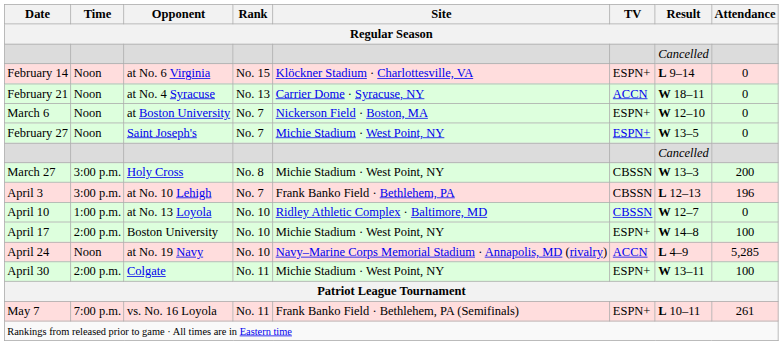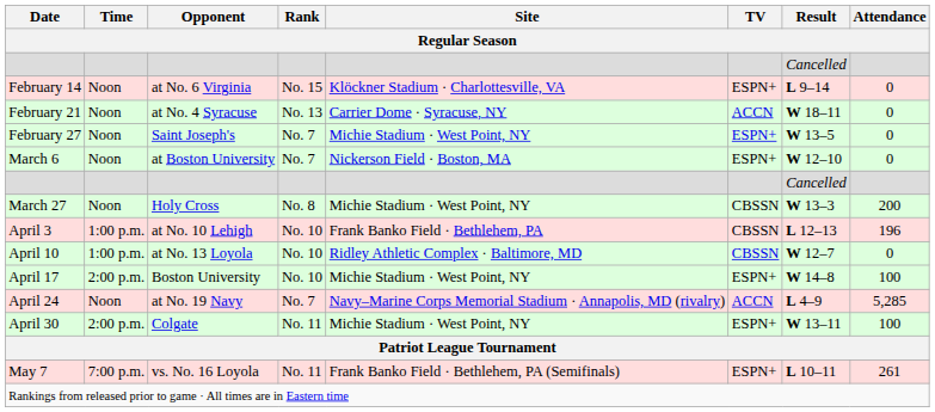 <table class="wikitable">
 <tr>
 <th>Date</th>
 <th>Time</th>
 <th>Opponent</th>
 <th>Rank</th>
 <th>Site</th>
 <th>TV</th>
 <th>Result</th>
 <th>Attendance</th>
 </tr>
 <tr>
 <th colspan=8>Regular Season</th>
 </tr>
 <tr bgcolor=gainsboro>
 <td></td>
 <td></td>
 <td></td>
 <td></td>
 <td></td>
 <td></td>
 <td><em>Cancelled</em></td>
 <td></td>
 </tr>
 <tr bgcolor=FFDDDD>
 <td>February 14</td>
 <td>Noon</td>
 <td>at No. 6 <a href='#'>Virginia</a></td>
 <td>No. 15</td>
 <td><a href='#'>Klöckner Stadium</a> · <a href='#'>Charlottesville, VA</a></td>
 <td>ESPN+</td>
 <td><strong>L</strong> 9–14</td>
 <td align=center>0</td>
 </tr>
 <tr bgcolor=DDFFDD>
 <td>February 21</td>
 <td>Noon</td>
 <td>at No. 4 <a href='#'>Syracuse</a></td>
 <td>No. 13</td>
 <td><a href='#'>Carrier Dome</a> · <a href='#'>Syracuse, NY</a></td>
 <td><a href='#'>ACCN</a></td>
 <td><strong>W</strong> 18–11</td>
 <td align=center>0</td>
 </tr>
 <tr bgcolor=DDFFDD>
+<td>February 27</td>
+<td>Noon</td>
+<td><a href='#'>Saint Joseph's</a></td>
+<td>No. 7</td>
+<td><a href='#'>Michie Stadium</a> · <a href='#'>West Point, NY</a></td>
+<td><a href='#'>ESPN+</a></td>
+<td><strong>W</strong> 13–5</td>
+<td align=center>0</td>
+</tr>
+<tr bgcolor=DDFFDD>
 <td>March 6</td>
 <td>Noon</td>
 <td>at <a href='#'>Boston University</a></td>
 <td>No. 7</td>
 <td><a href='#'>Nickerson Field</a> · <a href='#'>Boston, MA</a></td>
 <td>ESPN+</td>
 <td><strong>W</strong> 12–10</td>
-<td align=center>0</td>
-</tr>
-<tr bgcolor=DDFFDD>
-<td>February 27</td>
-<td>Noon</td>
-<td><a href='#'>Saint Joseph's</a></td>
-<td>No. 7</td>
-<td><a href='#'>Michie Stadium</a> · <a href='#'>West Point, NY</a></td>
-<td><a href='#'>ESPN+</a></td>
-<td><strong>W</strong> 13–5</td>
 <td align=center>0</td>
 </tr>
 <tr bgcolor=gainsboro>
 <td></td>
 <td></td>
 <td></td>
 <td></td>
 <td></td>
 <td></td>
 <td><em>Cancelled</em></td>
 <td></td>
 </tr>
 <tr bgcolor=DDFFDD>
 <td>March 27</td>
-<td>3:00 p.m.</td>
+<td>Noon</td>
 <td><a href='#'>Holy Cross</a></td>
 <td>No. 8</td>
 <td>Michie Stadium · West Point, NY</td>
 <td>CBSSN</td>
 <td><strong>W</strong> 13–3</td>
 <td align=center>200</td>
 </tr>
 <tr bgcolor=FFDDDD>
 <td>April 3</td>
-<td>3:00 p.m.</td>
+<td>1:00 p.m.</td>
 <td>at No. 10 <a href='#'>Lehigh</a></td>
-<td>No. 7</td>
+<td>No. 10</td>
 <td>Frank Banko Field · <a href='#'>Bethlehem, PA</a></td>
 <td>CBSSN</td>
 <td><strong>L</strong> 12–13</td>
 <td align=center>196</td>
 </tr>
 <tr bgcolor=DDFFDD>
 <td>April 10</td>
 <td>1:00 p.m.</td>
 <td>at No. 13 <a href='#'>Loyola</a></td>
 <td>No. 10</td>
 <td><a href='#'>Ridley Athletic Complex</a> · <a href='#'>Baltimore, MD</a></td>
 <td><a href='#'>CBSSN</a></td>
 <td><strong>W</strong> 12–7</td>
 <td align=center>0</td>
 </tr>
 <tr bgcolor=DDFFDD>
 <td>April 17</td>
 <td>2:00 p.m.</td>
 <td>Boston University</td>
 <td>No. 10</td>
 <td>Michie Stadium · West Point, NY</td>
 <td>ESPN+</td>
 <td><strong>W</strong> 14–8</td>
 <td align=center>100</td>
 </tr>
 <tr bgcolor=FFDDDD>
 <td>April 24</td>
 <td>Noon</td>
 <td>at No. 19 <a href='#'>Navy</a></td>
-<td>No. 10</td>
+<td>No. 7</td>
 <td><a href='#'>Navy–Marine Corps Memorial Stadium</a> · <a href='#'>Annapolis, MD</a> (<a href='#'>rivalry</a>)</td>
 <td><a href='#'>ACCN</a></td>
 <td><strong>L</strong> 4–9</td>
 <td align=center>5,285</td>
 </tr>
 <tr bgcolor=DDFFDD>
 <td>April 30</td>
 <td>2:00 p.m.</td>
 <td><a href='#'>Colgate</a></td>
 <td>No. 11</td>
 <td>Michie Stadium · West Point, NY</td>
 <td>ESPN+</td>
 <td><strong>W</strong> 13–11</td>
 <td align=center>100</td>
 </tr>
 <tr>
 <th colspan=8>Patriot League Tournament</th>
 </tr>
 <tr bgcolor=FFDDDD>
 <td>May 7</td>
 <td>7:00 p.m.</td>
 <td>vs. No. 16 Loyola</td>
 <td>No. 11</td>
 <td>Frank Banko Field · Bethlehem, PA (Semifinals)</td>
 <td>ESPN+</td>
 <td><strong>L</strong> 10–11</td>
 <td align=center>261</td>
 </tr>
 <tr>
 <td colspan=8 style="text-align:left;"><small>Rankings from  released prior to game · All times are in <a href='#'>Eastern time</a></small></td>
 </tr>
 </table>
